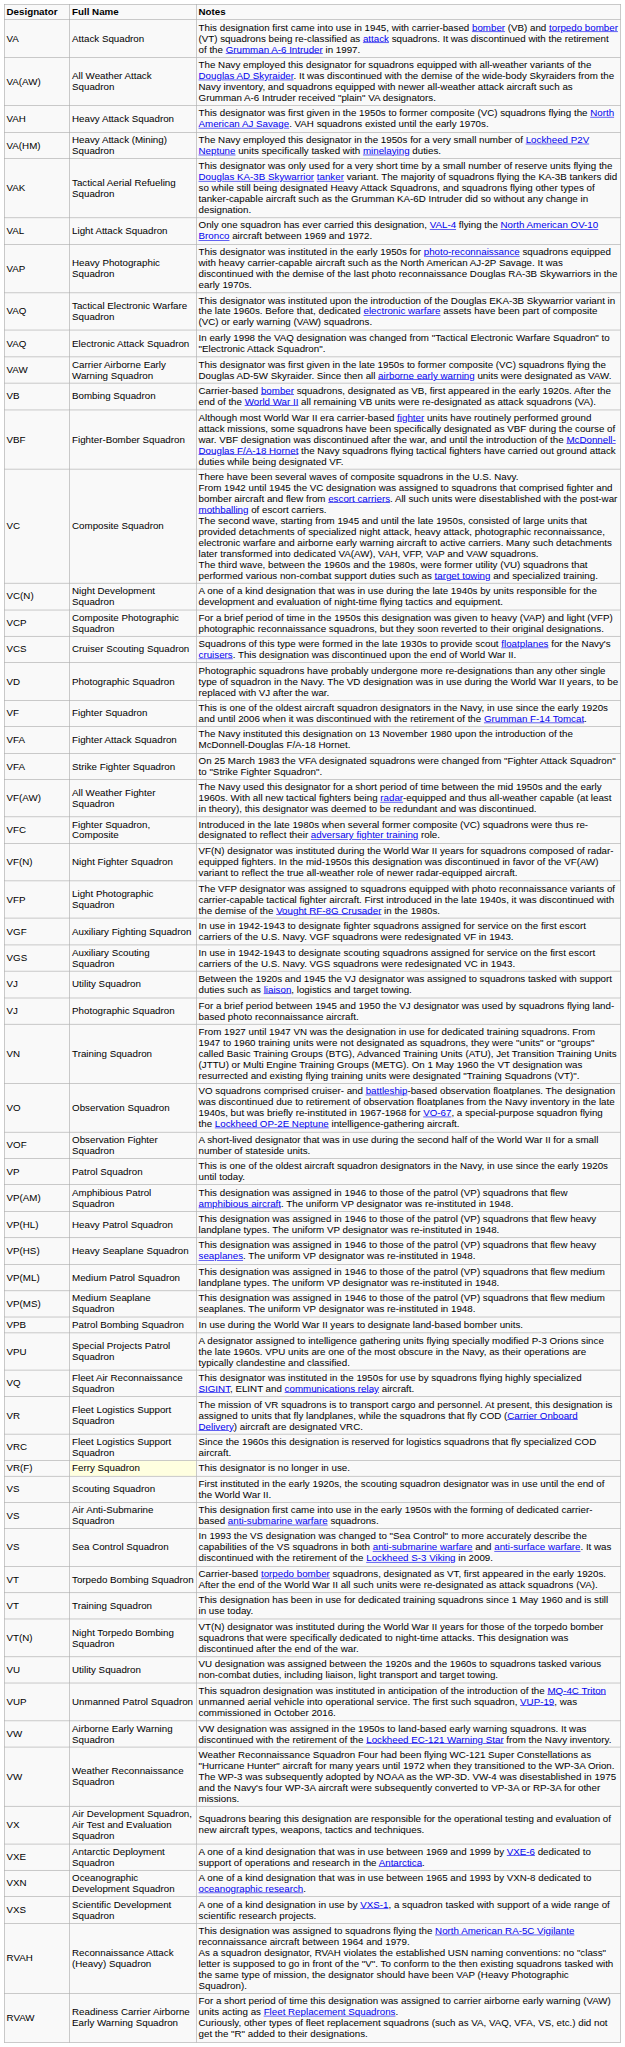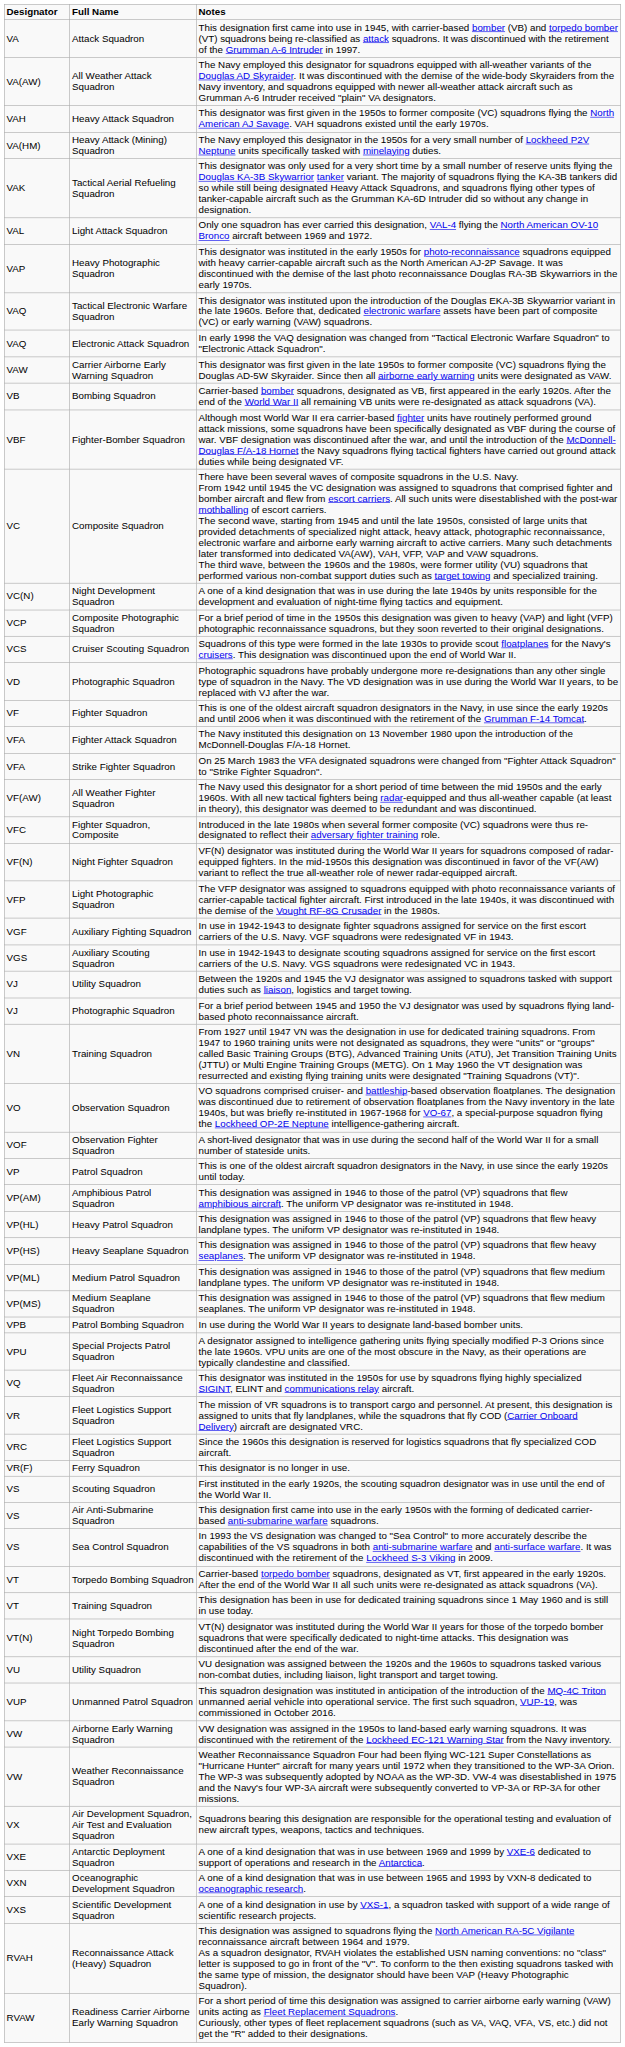 <table class="wikitable" style="width: 80%;">
 <tr>
 <td style="width: 100px;"><strong>Designator</strong></td>
 <td style="width: 200px;"><strong>Full Name</strong></td>
 <td><strong>Notes</strong></td>
 </tr>
 <tr>
 <td>VA</td>
 <td>Attack Squadron</td>
 <td>This designation first came into use in 1945, with carrier-based <a href='#'>bomber</a> (VB) and <a href='#'>torpedo bomber</a> (VT) squadrons being re-classified as <a href='#'>attack</a> squadrons. It was discontinued with the retirement of the <a href='#'>Grumman A-6 Intruder</a> in 1997.</td>
 </tr>
 <tr>
 <td>VA(AW)</td>
 <td>All Weather Attack Squadron</td>
 <td>The Navy employed this designator for squadrons equipped with all-weather variants of the <a href='#'>Douglas AD Skyraider</a>. It was discontinued with the demise of the wide-body Skyraiders from the Navy inventory, and squadrons equipped with newer all-weather attack aircraft such as Grumman A-6 Intruder received "plain" VA designators.</td>
 </tr>
 <tr>
 <td>VAH</td>
 <td>Heavy Attack Squadron</td>
 <td>This designator was first given in the 1950s to former composite (VC) squadrons flying the <a href='#'>North American AJ Savage</a>. VAH squadrons existed until the early 1970s.</td>
 </tr>
 <tr>
 <td>VA(HM)</td>
 <td>Heavy Attack (Mining) Squadron</td>
 <td>The Navy employed this designator in the 1950s for a very small number of <a href='#'>Lockheed P2V Neptune</a> units specifically tasked with <a href='#'>minelaying</a> duties.</td>
 </tr>
 <tr>
 <td>VAK</td>
 <td>Tactical Aerial Refueling Squadron</td>
 <td>This designator was only used for a very short time by a small number of reserve units flying the <a href='#'>Douglas KA-3B Skywarrior</a> <a href='#'>tanker</a> variant. The majority of squadrons flying the KA-3B tankers did so while still being designated Heavy Attack Squadrons, and squadrons flying other types of tanker-capable aircraft such as the Grumman KA-6D Intruder did so without any change in designation.</td>
 </tr>
 <tr>
 <td>VAL</td>
 <td>Light Attack Squadron</td>
 <td>Only one squadron has ever carried this designation, <a href='#'>VAL-4</a> flying the <a href='#'>North American OV-10 Bronco</a> aircraft between 1969 and 1972.</td>
 </tr>
 <tr>
 <td>VAP</td>
 <td>Heavy Photographic Squadron</td>
 <td>This designator was instituted in the early 1950s for <a href='#'>photo-reconnaissance</a> squadrons equipped with heavy carrier-capable aircraft such as the North American AJ-2P Savage. It was discontinued with the demise of the last photo reconnaissance Douglas RA-3B Skywarriors in the early 1970s.</td>
 </tr>
 <tr>
 <td>VAQ</td>
 <td>Tactical Electronic Warfare Squadron</td>
 <td>This designator was instituted upon the introduction of the Douglas EKA-3B Skywarrior variant in the late 1960s. Before that, dedicated <a href='#'>electronic warfare</a> assets have been part of composite (VC) or early warning (VAW) squadrons.</td>
 </tr>
 <tr>
 <td>VAQ</td>
 <td>Electronic Attack Squadron</td>
 <td>In early 1998 the VAQ designation was changed from "Tactical Electronic Warfare Squadron" to "Electronic Attack Squadron".</td>
 </tr>
 <tr>
 <td>VAW</td>
 <td>Carrier Airborne Early Warning Squadron</td>
 <td>This designator was first given in the late 1950s to former composite (VC) squadrons flying the Douglas AD-5W Skyraider. Since then all <a href='#'>airborne early warning</a> units were designated as VAW.</td>
 </tr>
 <tr>
 <td>VB</td>
 <td>Bombing Squadron</td>
 <td>Carrier-based <a href='#'>bomber</a> squadrons, designated as VB, first appeared in the early 1920s. After the end of the <a href='#'>World War II</a> all remaining VB units were re-designated as attack squadrons (VA).</td>
 </tr>
 <tr>
 <td>VBF</td>
 <td>Fighter-Bomber Squadron</td>
 <td>Although most World War II era carrier-based <a href='#'>fighter</a> units have routinely performed ground attack missions, some squadrons have been specifically designated as VBF during the course of war. VBF designation was discontinued after the war, and until the introduction of the <a href='#'>McDonnell-Douglas F/A-18 Hornet</a> the Navy squadrons flying tactical fighters have carried out ground attack duties while being designated VF.</td>
 </tr>
 <tr>
 <td>VC</td>
 <td>Composite Squadron</td>
 <td>There have been several waves of composite squadrons in the U.S. Navy.<br>From 1942 until 1945 the VC designation was assigned to squadrons that comprised fighter and bomber aircraft and flew from <a href='#'>escort carriers</a>. All such units were disestablished with the post-war <a href='#'>mothballing</a> of escort carriers.<br>The second wave, starting from 1945 and until the late 1950s, consisted of large units that provided detachments of specialized night attack, heavy attack, photographic reconnaissance, electronic warfare and airborne early warning aircraft to active carriers. Many such detachments later transformed into dedicated VA(AW), VAH, VFP, VAP and VAW squadrons.<br>The third wave, between the 1960s and the 1980s, were former utility (VU) squadrons that performed various non-combat support duties such as <a href='#'>target towing</a> and specialized training.</td>
 </tr>
 <tr>
 <td>VC(N)</td>
 <td>Night Development Squadron</td>
 <td>A one of a kind designation that was in use during the late 1940s by units responsible for the development and evaluation of night-time flying tactics and equipment.</td>
 </tr>
 <tr>
 <td>VCP</td>
 <td>Composite Photographic Squadron</td>
 <td>For a brief period of time in the 1950s this designation was given to heavy (VAP) and light (VFP) photographic reconnaissance squadrons, but they soon reverted to their original designations.</td>
 </tr>
 <tr>
 <td>VCS</td>
 <td>Cruiser Scouting Squadron</td>
 <td>Squadrons of this type were formed in the late 1930s to provide scout <a href='#'>floatplanes</a> for the Navy's <a href='#'>cruisers</a>. This designation was discontinued upon the end of World War II.</td>
 </tr>
 <tr>
 <td>VD</td>
 <td>Photographic Squadron</td>
 <td>Photographic squadrons have probably undergone more re-designations than any other single type of squadron in the Navy. The VD designation was in use during the World War II years, to be replaced with VJ after the war.</td>
 </tr>
 <tr>
 <td>VF</td>
 <td>Fighter Squadron</td>
 <td>This is one of the oldest aircraft squadron designators in the Navy, in use since the early 1920s and until 2006 when it was discontinued with the retirement of the <a href='#'>Grumman F-14 Tomcat</a>.</td>
 </tr>
 <tr>
 <td>VFA</td>
 <td>Fighter Attack Squadron</td>
 <td>The Navy instituted this designation on 13 November 1980 upon the introduction of the McDonnell-Douglas F/A-18 Hornet.</td>
 </tr>
 <tr>
 <td>VFA</td>
 <td>Strike Fighter Squadron</td>
 <td>On 25 March 1983 the VFA designated squadrons were changed from "Fighter Attack Squadron" to "Strike Fighter Squadron".</td>
 </tr>
 <tr>
 <td>VF(AW)</td>
 <td>All Weather Fighter Squadron</td>
 <td>The Navy used this designator for a short period of time between the mid 1950s and the early 1960s. With all new tactical fighters being <a href='#'>radar</a>-equipped and thus all-weather capable (at least in theory), this designator was deemed to be redundant and was discontinued.</td>
 </tr>
 <tr>
 <td>VFC</td>
 <td>Fighter Squadron, Composite</td>
 <td>Introduced in the late 1980s when several former composite (VC) squadrons were thus re-designated to reflect their <a href='#'>adversary fighter training</a> role.</td>
 </tr>
 <tr>
 <td>VF(N)</td>
 <td>Night Fighter Squadron</td>
 <td>VF(N) designator was instituted during the World War II years for squadrons composed of radar-equipped fighters. In the mid-1950s this designation was discontinued in favor of the VF(AW) variant to reflect the true all-weather role of newer radar-equipped aircraft.</td>
 </tr>
 <tr>
 <td>VFP</td>
 <td>Light Photographic Squadron</td>
 <td>The VFP designator was assigned to squadrons equipped with photo reconnaissance variants of carrier-capable tactical fighter aircraft. First introduced in the late 1940s, it was discontinued with the demise of the <a href='#'>Vought RF-8G Crusader</a> in the 1980s.</td>
 </tr>
 <tr>
 <td>VGF</td>
 <td>Auxiliary Fighting Squadron</td>
 <td>In use in 1942-1943 to designate fighter squadrons assigned for service on the first escort carriers of the U.S. Navy. VGF squadrons were redesignated VF in 1943.</td>
 </tr>
 <tr>
 <td>VGS</td>
 <td>Auxiliary Scouting Squadron</td>
 <td>In use in 1942-1943 to designate scouting squadrons assigned for service on the first escort carriers of the U.S. Navy. VGS squadrons were redesignated VC in 1943.</td>
 </tr>
 <tr>
 <td>VJ</td>
 <td>Utility Squadron</td>
 <td>Between the 1920s and 1945 the VJ designator was assigned to squadrons tasked with support duties such as <a href='#'>liaison</a>, logistics and target towing.</td>
 </tr>
 <tr>
 <td>VJ</td>
 <td>Photographic Squadron</td>
 <td>For a brief period between 1945 and 1950 the VJ designator was used by squadrons flying land-based photo reconnaissance aircraft.</td>
 </tr>
 <tr>
 <td>VN</td>
 <td>Training Squadron</td>
 <td>From 1927 until 1947 VN was the designation in use for dedicated training squadrons. From 1947 to 1960 training units were not designated as squadrons, they were "units" or "groups" called Basic Training Groups (BTG), Advanced Training Units (ATU), Jet Transition Training Units (JTTU) or Multi Engine Training Groups (METG). On 1 May 1960 the VT designation was resurrected and existing flying training units were designated "Training Squadrons (VT)".</td>
 </tr>
 <tr>
 <td>VO</td>
 <td>Observation Squadron</td>
 <td>VO squadrons comprised cruiser- and <a href='#'>battleship</a>-based observation floatplanes. The designation was discontinued due to retirement of observation floatplanes from the Navy inventory in the late 1940s, but was briefly re-instituted in 1967-1968 for <a href='#'>VO-67</a>, a special-purpose squadron flying the <a href='#'>Lockheed OP-2E Neptune</a> intelligence-gathering aircraft.</td>
 </tr>
 <tr>
 <td>VOF</td>
 <td>Observation Fighter Squadron</td>
 <td>A short-lived designator that was in use during the second half of the World War II for a small number of stateside units.</td>
 </tr>
 <tr>
 <td>VP</td>
 <td>Patrol Squadron</td>
 <td>This is one of the oldest aircraft squadron designators in the Navy, in use since the early 1920s until today.</td>
 </tr>
 <tr>
 <td>VP(AM)</td>
 <td>Amphibious Patrol Squadron</td>
 <td>This designation was assigned in 1946 to those of the patrol (VP) squadrons that flew <a href='#'>amphibious aircraft</a>. The uniform VP designator was re-instituted in 1948.</td>
 </tr>
 <tr>
 <td>VP(HL)</td>
 <td>Heavy Patrol Squadron</td>
 <td>This designation was assigned in 1946 to those of the patrol (VP) squadrons that flew heavy landplane types. The uniform VP designator was re-instituted in 1948.</td>
 </tr>
 <tr>
 <td>VP(HS)</td>
 <td>Heavy Seaplane Squadron</td>
 <td>This designation was assigned in 1946 to those of the patrol (VP) squadrons that flew heavy <a href='#'>seaplanes</a>. The uniform VP designator was re-instituted in 1948.</td>
 </tr>
 <tr>
 <td>VP(ML)</td>
 <td>Medium Patrol Squadron</td>
 <td>This designation was assigned in 1946 to those of the patrol (VP) squadrons that flew medium landplane types. The uniform VP designator was re-instituted in 1948.</td>
 </tr>
 <tr>
 <td>VP(MS)</td>
 <td>Medium Seaplane Squadron</td>
 <td>This designation was assigned in 1946 to those of the patrol (VP) squadrons that flew medium seaplanes. The uniform VP designator was re-instituted in 1948.</td>
 </tr>
 <tr>
 <td>VPB</td>
 <td>Patrol Bombing Squadron</td>
 <td>In use during the World War II years to designate land-based bomber units.</td>
 </tr>
 <tr>
 <td>VPU</td>
 <td>Special Projects Patrol Squadron</td>
 <td>A designator assigned to intelligence gathering units flying specially modified P-3 Orions since the late 1960s. VPU units are one of the most obscure in the Navy, as their operations are typically clandestine and classified.</td>
 </tr>
 <tr>
 <td>VQ</td>
 <td>Fleet Air Reconnaissance Squadron</td>
 <td>This designator was instituted in the 1950s for use by squadrons flying highly specialized <a href='#'>SIGINT</a>, ELINT and <a href='#'>communications relay</a> aircraft.</td>
 </tr>
 <tr>
 <td>VR</td>
 <td>Fleet Logistics Support Squadron</td>
 <td>The mission of VR squadrons is to transport cargo and personnel. At present, this designation is assigned to units that fly landplanes, while the squadrons that fly COD (<a href='#'>Carrier Onboard Delivery</a>) aircraft are designated VRC.</td>
 </tr>
 <tr>
 <td>VRC</td>
 <td>Fleet Logistics Support Squadron</td>
 <td>Since the 1960s this designation is reserved for logistics squadrons that fly specialized COD aircraft.</td>
 </tr>
 <tr>
 <td>VR(F)</td>
-<td style="background: lightyellow;">Ferry Squadron</td>
+<td>Ferry Squadron</td>
 <td>This designator is no longer in use.</td>
 </tr>
 <tr>
 <td>VS</td>
 <td>Scouting Squadron</td>
 <td>First instituted in the early 1920s, the scouting squadron designator was in use until the end of the World War II.</td>
 </tr>
 <tr>
 <td>VS</td>
 <td>Air Anti-Submarine Squadron</td>
 <td>This designation first came into use in the early 1950s with the forming of dedicated carrier-based <a href='#'>anti-submarine warfare</a> squadrons.</td>
 </tr>
 <tr>
 <td>VS</td>
 <td>Sea Control Squadron</td>
 <td>In 1993 the VS designation was changed to "Sea Control" to more accurately describe the capabilities of the VS squadrons in both <a href='#'>anti-submarine warfare</a> and <a href='#'>anti-surface warfare</a>. It was discontinued with the retirement of the <a href='#'>Lockheed S-3 Viking</a> in 2009.</td>
 </tr>
 <tr>
 <td>VT</td>
 <td>Torpedo Bombing Squadron</td>
 <td>Carrier-based <a href='#'>torpedo bomber</a> squadrons, designated as VT, first appeared in the early 1920s. After the end of the World War II all such units were re-designated as attack squadrons (VA).</td>
 </tr>
 <tr>
 <td>VT</td>
 <td>Training Squadron</td>
 <td>This designation has been in use for dedicated training squadrons since 1 May 1960 and is still in use today.</td>
 </tr>
 <tr>
 <td>VT(N)</td>
 <td>Night Torpedo Bombing Squadron</td>
 <td>VT(N) designator was instituted during the World War II years for those of the torpedo bomber squadrons that were specifically dedicated to night-time attacks. This designation was discontinued after the end of the war.</td>
 </tr>
 <tr>
 <td>VU</td>
 <td>Utility Squadron</td>
 <td>VU designation was assigned between the 1920s and the 1960s to squadrons tasked various non-combat duties, including liaison, light transport and target towing.</td>
 </tr>
 <tr>
 <td>VUP</td>
 <td>Unmanned Patrol Squadron</td>
 <td>This squadron designation was instituted in anticipation of the introduction of the <a href='#'>MQ-4C Triton</a> unmanned aerial vehicle into operational service. The first such squadron, <a href='#'>VUP-19</a>, was commissioned in October 2016.</td>
 </tr>
 <tr>
 <td>VW</td>
 <td>Airborne Early Warning Squadron</td>
 <td>VW designation was assigned in the 1950s to land-based early warning squadrons. It was discontinued with the retirement of the <a href='#'>Lockheed EC-121 Warning Star</a> from the Navy inventory.</td>
 </tr>
 <tr>
 <td>VW</td>
 <td>Weather Reconnaissance Squadron</td>
 <td>Weather Reconnaissance Squadron Four had been flying WC-121 Super Constellations as "Hurricane Hunter" aircraft for many years until 1972 when they transitioned to the WP-3A Orion. The WP-3 was subsequently adopted by NOAA as the WP-3D. VW-4 was disestablished in 1975 and the Navy's four WP-3A aircraft were subsequently converted to VP-3A or RP-3A for other missions.</td>
 </tr>
 <tr>
 <td>VX</td>
 <td>Air Development Squadron, Air Test and Evaluation Squadron</td>
 <td>Squadrons bearing this designation are responsible for the operational testing and evaluation of new aircraft types, weapons, tactics and techniques.</td>
 </tr>
 <tr>
 <td>VXE</td>
 <td>Antarctic Deployment Squadron</td>
 <td>A one of a kind designation that was in use between 1969 and 1999 by <a href='#'>VXE-6</a> dedicated to support of operations and research in the <a href='#'>Antarctica</a>.</td>
 </tr>
 <tr>
 <td>VXN</td>
 <td>Oceanographic Development Squadron</td>
 <td>A one of a kind designation that was in use between 1965 and 1993 by VXN-8 dedicated to <a href='#'>oceanographic research</a>.</td>
 </tr>
 <tr>
 <td>VXS</td>
 <td>Scientific Development Squadron</td>
 <td>A one of a kind designation in use by <a href='#'>VXS-1</a>, a squadron tasked with support of a wide range of scientific research projects.</td>
 </tr>
 <tr>
 <td>RVAH</td>
 <td>Reconnaissance Attack (Heavy) Squadron</td>
 <td>This designation was assigned to squadrons flying the <a href='#'>North American RA-5C Vigilante</a> reconnaissance aircraft between 1964 and 1979.<br>As a squadron designator, RVAH violates the established USN naming conventions: no "class" letter is supposed to go in front of the "V". To conform to the then existing squadrons tasked with the same type of mission, the designator should have been VAP (Heavy Photographic Squadron).</td>
 </tr>
 <tr>
 <td>RVAW</td>
 <td>Readiness Carrier Airborne Early Warning Squadron</td>
 <td>For a short period of time this designation was assigned to carrier airborne early warning (VAW) units acting as <a href='#'>Fleet Replacement Squadrons</a>.<br>Curiously, other types of fleet replacement squadrons (such as VA, VAQ, VFA, VS, etc.) did not get the "R" added to their designations.</td>
 </tr>
 </table>
